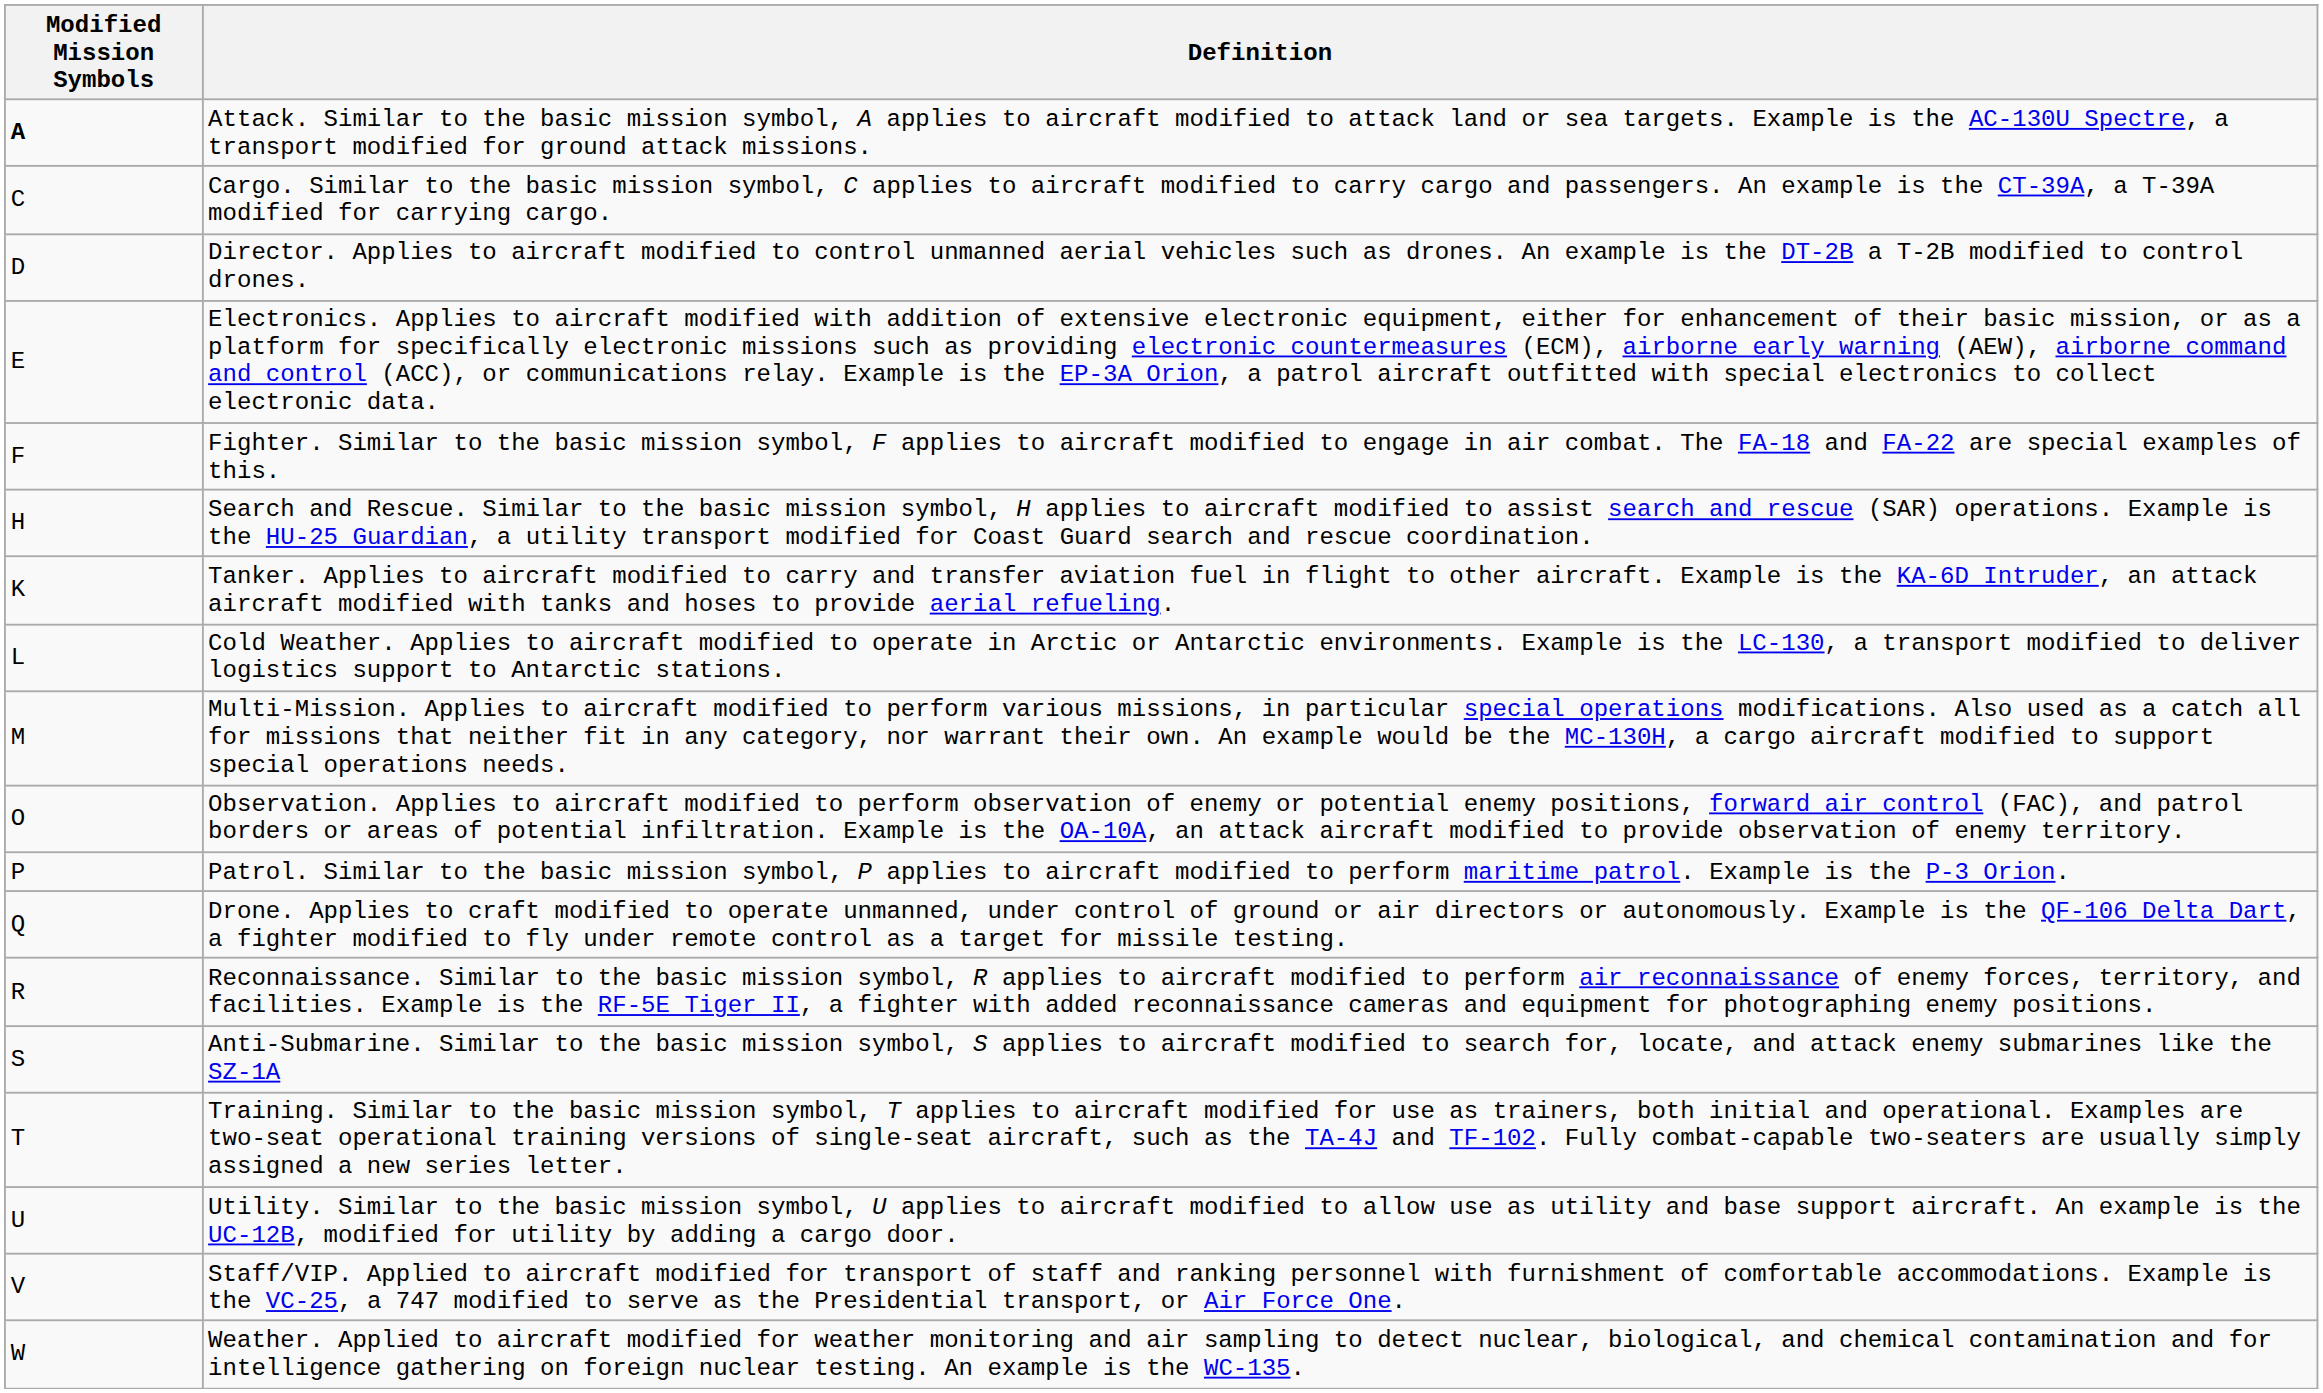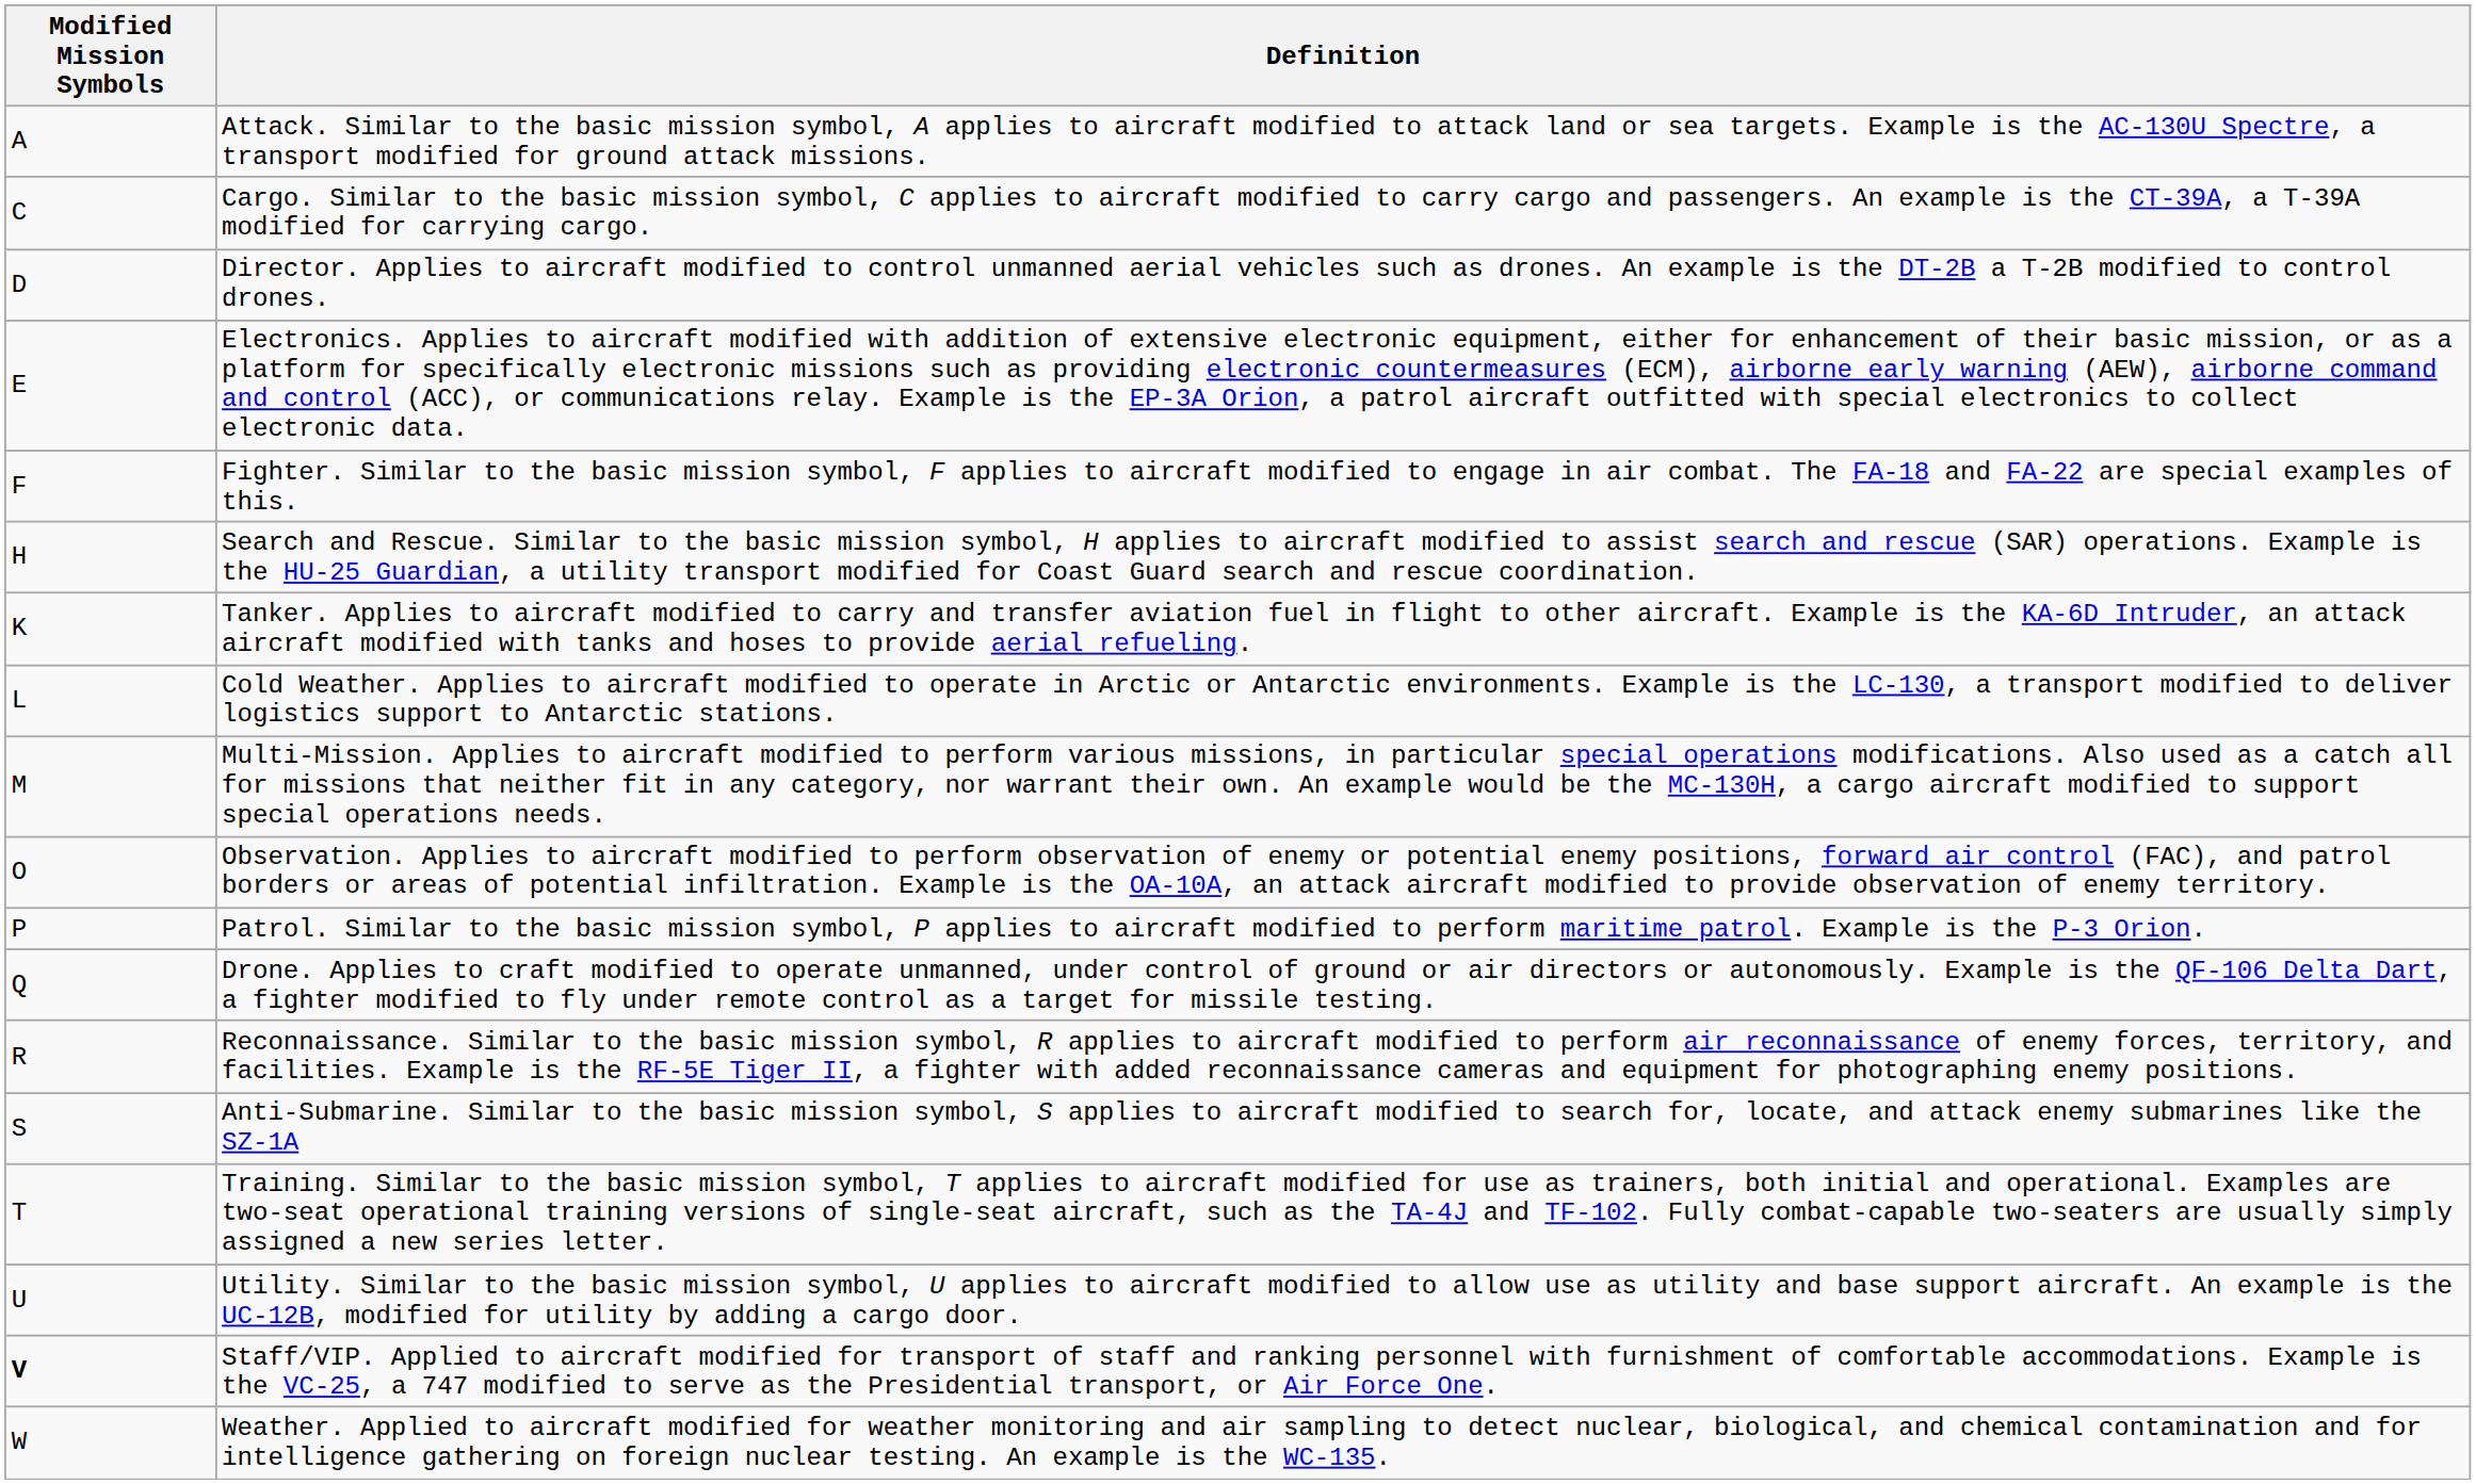 <table class="wikitable">
 <tr>
 <th>Modified Mission Symbols</th>
 <th>Definition</th>
 </tr>
 <tr>
-<td><strong>A</strong></td>
+<td>A</td>
 <td>Attack. Similar to the basic mission symbol, <em>A</em> applies to aircraft modified to attack land or sea targets. Example is the <a href='#'>AC-130U Spectre</a>, a transport modified for ground attack missions.</td>
 </tr>
 <tr>
 <td>C</td>
 <td>Cargo. Similar to the basic mission symbol, <em>C</em> applies to aircraft modified to carry cargo and passengers. An example is the <a href='#'>CT-39A</a>, a T-39A modified for carrying cargo.</td>
 </tr>
 <tr>
 <td>D</td>
 <td>Director. Applies to aircraft modified to control unmanned aerial vehicles such as drones. An example is the <a href='#'>DT-2B</a> a T-2B modified to control drones.</td>
 </tr>
 <tr>
 <td>E</td>
 <td>Electronics. Applies to aircraft modified with addition of extensive electronic equipment, either for enhancement of their basic mission, or as a platform for specifically electronic missions such as providing <a href='#'>electronic countermeasures</a> (ECM), <a href='#'>airborne early warning</a> (AEW), <a href='#'>airborne command and control</a> (ACC), or communications relay. Example is the <a href='#'>EP-3A Orion</a>, a patrol aircraft outfitted with special electronics to collect electronic data.</td>
 </tr>
 <tr>
 <td>F</td>
 <td>Fighter. Similar to the basic mission symbol, <em>F</em> applies to aircraft modified to engage in air combat. The <a href='#'>FA-18</a> and <a href='#'>FA-22</a> are special examples of this.</td>
 </tr>
 <tr>
 <td>H</td>
 <td>Search and Rescue. Similar to the basic mission symbol, <em>H</em> applies to aircraft modified to assist <a href='#'>search and rescue</a> (SAR) operations. Example is the <a href='#'>HU-25 Guardian</a>, a utility transport modified for Coast Guard search and rescue coordination.</td>
 </tr>
 <tr>
 <td>K</td>
 <td>Tanker. Applies to aircraft modified to carry and transfer aviation fuel in flight to other aircraft. Example is the <a href='#'>KA-6D Intruder</a>, an attack aircraft modified with tanks and hoses to provide <a href='#'>aerial refueling</a>.</td>
 </tr>
 <tr>
 <td>L</td>
 <td>Cold Weather. Applies to aircraft modified to operate in Arctic or Antarctic environments. Example is the <a href='#'>LC-130</a>, a transport modified to deliver logistics support to Antarctic stations.</td>
 </tr>
 <tr>
 <td>M</td>
 <td>Multi-Mission. Applies to aircraft modified to perform various missions, in particular <a href='#'>special operations</a> modifications. Also used as a catch all for missions that neither fit in any category, nor warrant their own. An example would be the <a href='#'>MC-130H</a>, a cargo aircraft modified to support special operations needs.</td>
 </tr>
 <tr>
 <td>O</td>
 <td>Observation. Applies to aircraft modified to perform observation of enemy or potential enemy positions, <a href='#'>forward air control</a> (FAC), and patrol borders or areas of potential infiltration. Example is the <a href='#'>OA-10A</a>, an attack aircraft modified to provide observation of enemy territory.</td>
 </tr>
 <tr>
 <td>P</td>
 <td>Patrol. Similar to the basic mission symbol, <em>P</em> applies to aircraft modified to perform <a href='#'>maritime patrol</a>. Example is the <a href='#'>P-3 Orion</a>.</td>
 </tr>
 <tr>
 <td>Q</td>
 <td>Drone. Applies to craft modified to operate unmanned, under control of ground or air directors or autonomously. Example is the <a href='#'>QF-106 Delta Dart</a>, a fighter modified to fly under remote control as a target for missile testing.</td>
 </tr>
 <tr>
 <td>R</td>
 <td>Reconnaissance. Similar to the basic mission symbol, <em>R</em> applies to aircraft modified to perform <a href='#'>air reconnaissance</a> of enemy forces, territory, and facilities. Example is the <a href='#'>RF-5E Tiger II</a>, a fighter with added reconnaissance cameras and equipment for photographing enemy positions.</td>
 </tr>
 <tr>
 <td>S</td>
 <td>Anti-Submarine. Similar to the basic mission symbol, <em>S</em> applies to aircraft modified to search for, locate, and attack enemy submarines like the <a href='#'>SZ-1A</a></td>
 </tr>
 <tr>
 <td>T</td>
 <td>Training. Similar to the basic mission symbol, <em>T</em> applies to aircraft modified for use as trainers, both initial and operational. Examples are two-seat operational training versions of single-seat aircraft, such as the <a href='#'>TA-4J</a> and <a href='#'>TF-102</a>. Fully combat-capable two-seaters are usually simply assigned a new series letter.</td>
 </tr>
 <tr>
 <td>U</td>
 <td>Utility. Similar to the basic mission symbol, <em>U</em> applies to aircraft modified to allow use as utility and base support aircraft. An example is the <a href='#'>UC-12B</a>, modified for utility by adding a cargo door.</td>
 </tr>
 <tr>
-<td>V</td>
+<td><strong>V</strong></td>
 <td>Staff/VIP. Applied to aircraft modified for transport of staff and ranking personnel with furnishment of comfortable accommodations. Example is the <a href='#'>VC-25</a>, a 747 modified to serve as the Presidential transport, or <a href='#'>Air Force One</a>.</td>
 </tr>
 <tr>
 <td>W</td>
 <td>Weather. Applied to aircraft modified for weather monitoring and air sampling to detect nuclear, biological, and chemical contamination and for intelligence gathering on foreign nuclear testing. An example is the <a href='#'>WC-135</a>.</td>
 </tr>
 </table>
